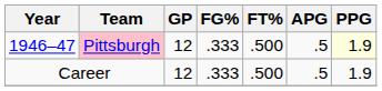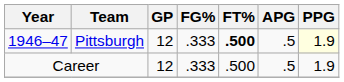 <table class="wikitable sortable" style="font-size:95%; text-align:right;">
 <tr>
 <th>Year</th>
 <th>Team</th>
 <th>GP</th>
 <th>FG%</th>
 <th>FT%</th>
 <th>APG</th>
 <th>PPG</th>
 </tr>
 <tr>
 <td style="text-align:left;"><a href='#'>1946–47</a></td>
-<td style="background: pink; text-align:left;"><a href='#'>Pittsburgh</a></td>
+<td style="text-align:left;"><a href='#'>Pittsburgh</a></td>
 <td>12</td>
 <td>.333</td>
-<td>.500</td>
+<td><strong>.500</strong></td>
 <td>.5</td>
 <td style="background: lightyellow;">1.9</td>
 </tr>
 <tr>
 <td style="text-align:center;" colspan="2">Career</td>
 <td>12</td>
 <td>.333</td>
 <td>.500</td>
 <td>.5</td>
 <td>1.9</td>
 </tr>
 <tr>
 </tr>
 </table>
